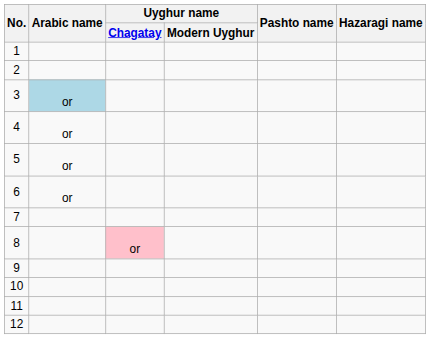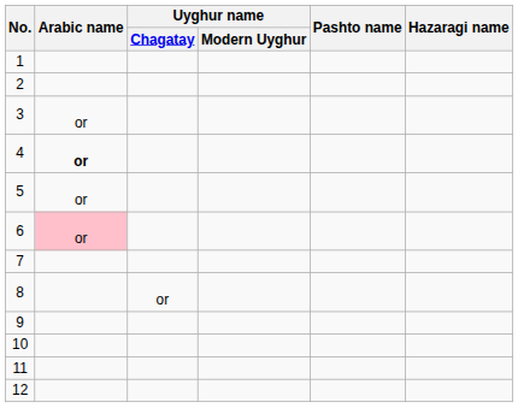 <table class="wikitable sortable plainrowheaders" style="text-align: center">
 <tr>
 <th rowspan="2">No.</th>
 <th rowspan="2">Arabic name</th>
 <th colspan="2">Uyghur name</th>
 <th rowspan="2">Pashto name</th>
 <th rowspan="2">Hazaragi name</th>
 </tr>
 <tr>
 <th><a href='#'>Chagatay</a></th>
 <th>Modern Uyghur</th>
 </tr>
 <tr>
 <td>1</td>
 <td></td>
 <td></td>
 <td></td>
 <td></td>
 <td></td>
 </tr>
 <tr>
 <td>2</td>
 <td></td>
 <td></td>
 <td></td>
 <td></td>
 <td></td>
 </tr>
 <tr>
 <td>3</td>
-<td style="background: lightblue;"><br>or<br></td>
+<td><br>or<br></td>
 <td></td>
 <td></td>
 <td></td>
 <td></td>
 </tr>
 <tr>
 <td>4</td>
-<td><br>or<br></td>
+<td><strong><br>or<br></strong></td>
 <td></td>
 <td></td>
 <td></td>
 <td></td>
 </tr>
 <tr>
 <td>5</td>
 <td><br>or<br></td>
 <td></td>
 <td></td>
 <td></td>
 <td></td>
 </tr>
 <tr>
 <td>6</td>
-<td><br>or<br></td>
+<td style="background: pink;"><br>or<br></td>
 <td></td>
 <td></td>
 <td></td>
 <td></td>
 </tr>
 <tr>
 <td>7</td>
 <td></td>
 <td></td>
 <td></td>
 <td></td>
 <td></td>
 </tr>
 <tr>
 <td>8</td>
 <td></td>
-<td style="background: pink;"><br>or<br></td>
+<td><br>or<br></td>
 <td></td>
 <td></td>
 <td></td>
 </tr>
 <tr>
 <td>9</td>
 <td></td>
 <td></td>
 <td></td>
 <td></td>
 <td></td>
 </tr>
 <tr>
 <td>10</td>
 <td></td>
 <td></td>
 <td></td>
 <td></td>
 <td></td>
 </tr>
 <tr>
 <td>11</td>
 <td></td>
 <td></td>
 <td></td>
 <td></td>
 <td></td>
 </tr>
 <tr>
 <td>12</td>
 <td></td>
 <td></td>
 <td></td>
 <td></td>
 <td></td>
 </tr>
 </table>
